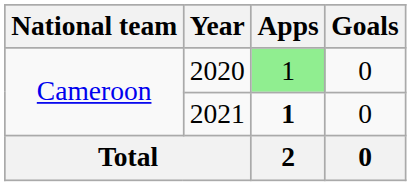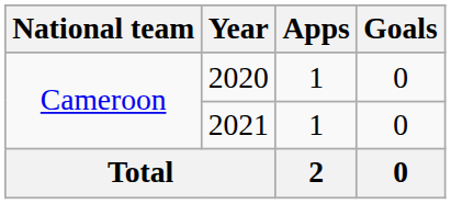 <table class="wikitable" style="text-align:center">
 <tr>
 <th>National team</th>
 <th>Year</th>
 <th>Apps</th>
 <th>Goals</th>
 </tr>
 <tr>
 <td rowspan="2"><a href='#'>Cameroon</a></td>
 <td>2020</td>
-<td style="background: lightgreen;">1</td>
+<td>1</td>
 <td>0</td>
 </tr>
 <tr>
 <td>2021</td>
-<td><strong>1</strong></td>
+<td>1</td>
 <td>0</td>
 </tr>
 <tr>
 <th colspan="2">Total</th>
 <th>2</th>
 <th>0</th>
 </tr>
 </table>
